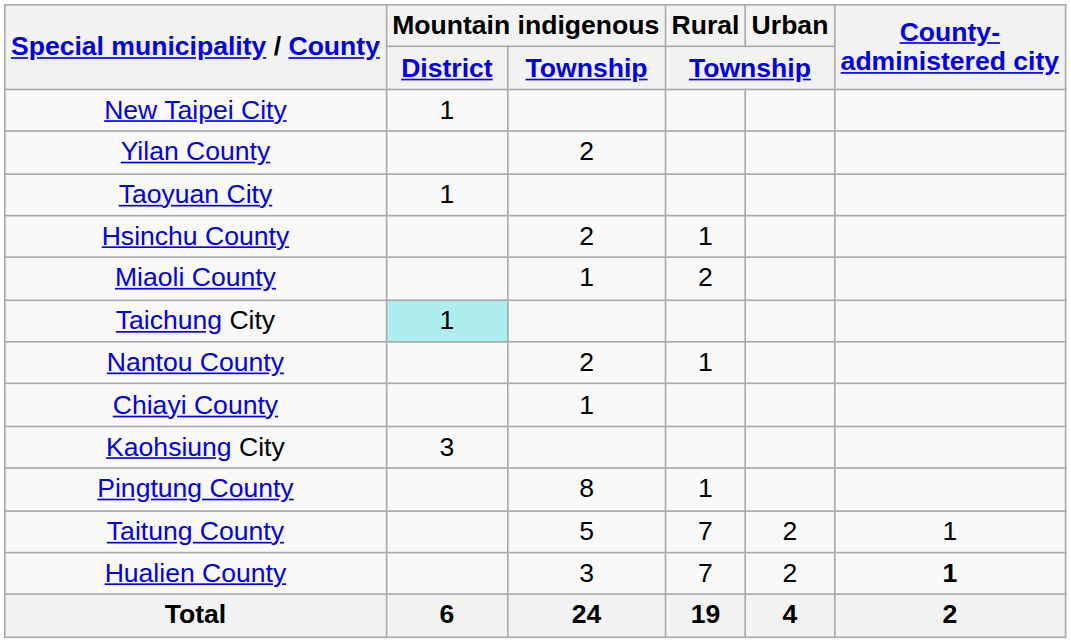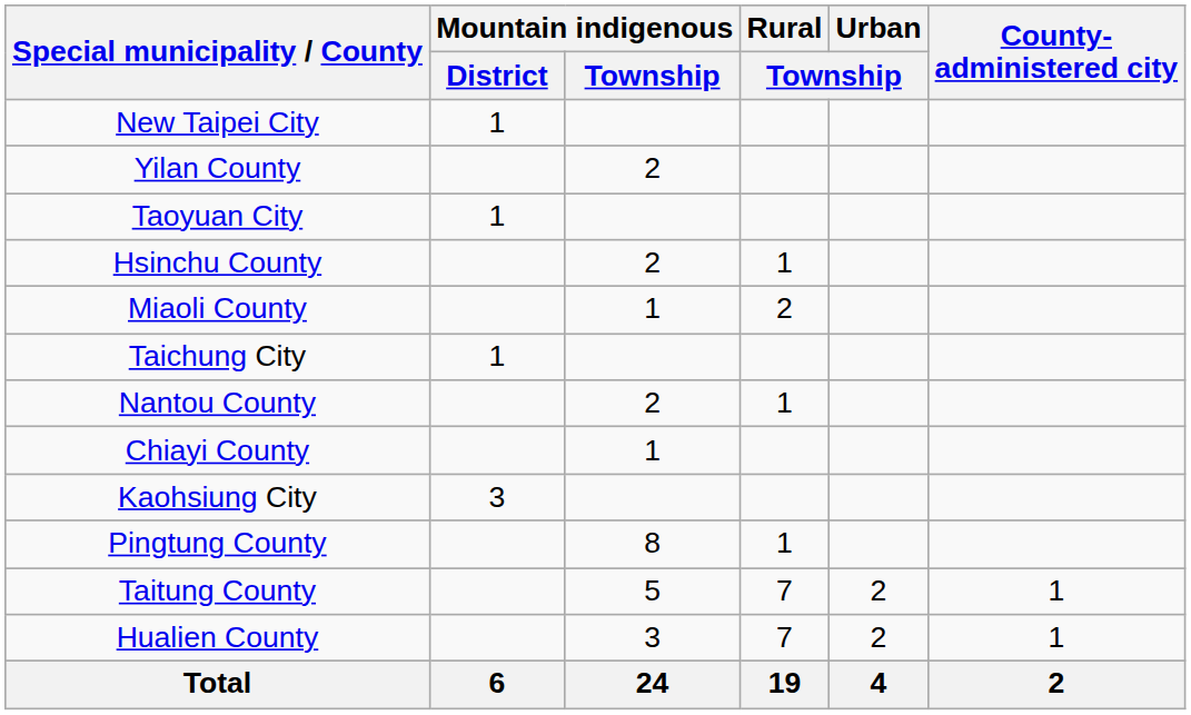 <table class=wikitable style="text-align: center">
 <tr>
 <th rowspan=2><a href='#'>Special municipality</a> / <a href='#'>County</a></th>
 <th colspan=2>Mountain indigenous</th>
 <th>Rural</th>
 <th>Urban</th>
 <th rowspan=2><a href='#'>County-<br>administered city</a></th>
 </tr>
 <tr>
 <th><a href='#'>District</a></th>
 <th><a href='#'>Township</a></th>
 <th colspan=2><a href='#'>Township</a></th>
 </tr>
 <tr>
 <td><a href='#'>New Taipei City</a></td>
 <td>1</td>
 <td></td>
 <td></td>
 <td></td>
 <td></td>
 </tr>
 <tr>
 <td><a href='#'>Yilan County</a></td>
 <td></td>
 <td>2</td>
 <td></td>
 <td></td>
 <td></td>
 </tr>
 <tr>
 <td><a href='#'>Taoyuan City</a></td>
 <td>1</td>
 <td></td>
 <td></td>
 <td></td>
 <td></td>
 </tr>
 <tr>
 <td><a href='#'>Hsinchu County</a></td>
 <td></td>
 <td>2</td>
 <td>1</td>
 <td></td>
 <td></td>
 </tr>
 <tr>
 <td><a href='#'>Miaoli County</a></td>
 <td></td>
 <td>1</td>
 <td>2</td>
 <td></td>
 <td></td>
 </tr>
 <tr>
 <td><a href='#'>Taichung</a> City</td>
-<td style="background: paleturquoise;">1</td>
+<td>1</td>
 <td></td>
 <td></td>
 <td></td>
 <td></td>
 </tr>
 <tr>
 <td><a href='#'>Nantou County</a></td>
 <td></td>
 <td>2</td>
 <td>1</td>
 <td></td>
 <td></td>
 </tr>
 <tr>
 <td><a href='#'>Chiayi County</a></td>
 <td></td>
 <td>1</td>
 <td></td>
 <td></td>
 <td></td>
 </tr>
 <tr>
 <td><a href='#'>Kaohsiung</a> City</td>
 <td>3</td>
 <td></td>
 <td></td>
 <td></td>
 <td></td>
 </tr>
 <tr>
 <td><a href='#'>Pingtung County</a></td>
 <td></td>
 <td>8</td>
 <td>1</td>
 <td></td>
 <td></td>
 </tr>
 <tr>
 <td><a href='#'>Taitung County</a></td>
 <td></td>
 <td>5</td>
 <td>7</td>
 <td>2</td>
 <td>1</td>
 </tr>
 <tr>
 <td><a href='#'>Hualien County</a></td>
 <td></td>
 <td>3</td>
 <td>7</td>
 <td>2</td>
-<td><strong>1</strong></td>
+<td>1</td>
 </tr>
 <tr>
 <th>Total</th>
 <th>6</th>
 <th>24</th>
 <th>19</th>
 <th>4</th>
 <th>2</th>
 </tr>
 </table>
